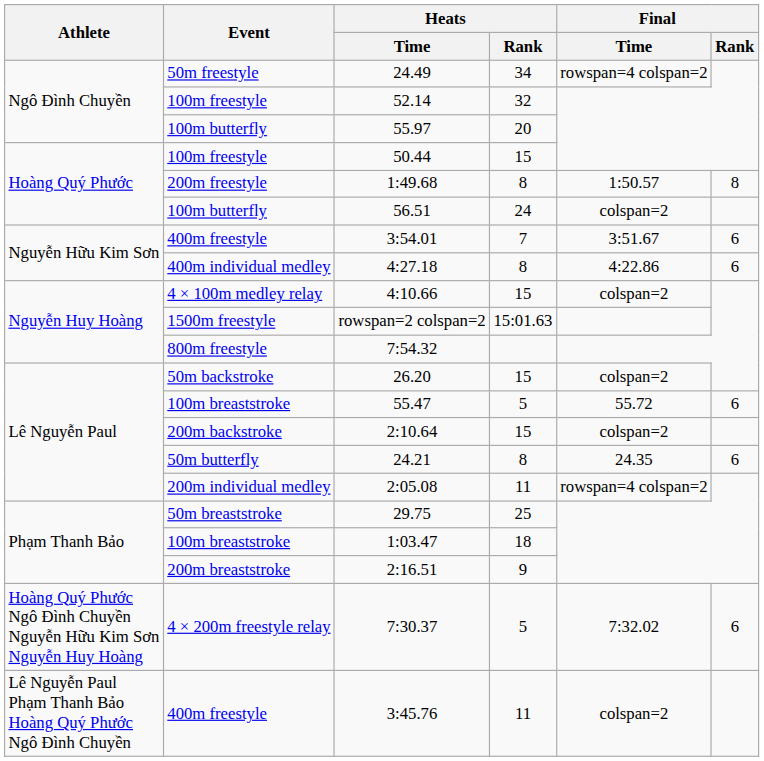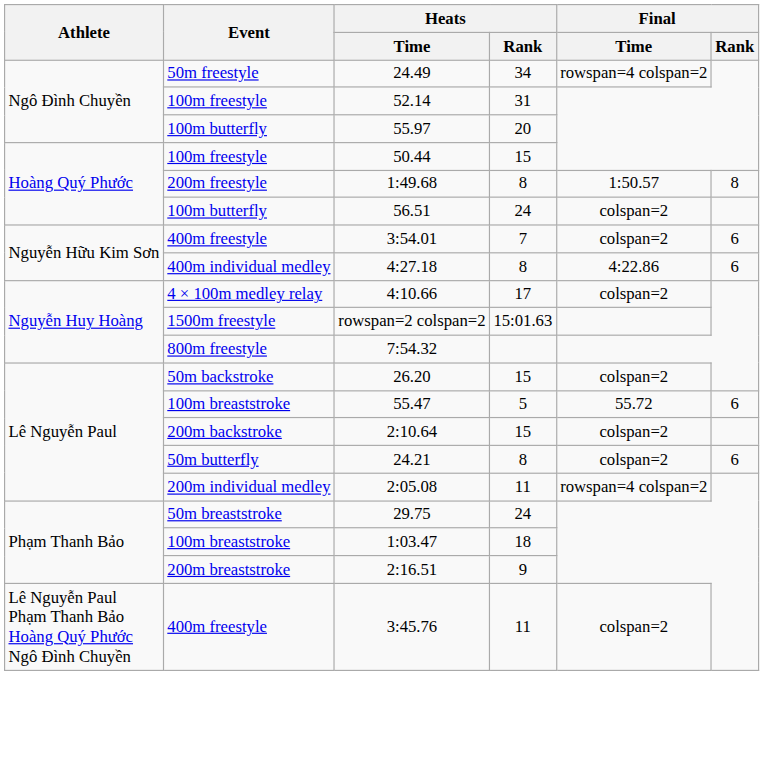 <table class=wikitable style=font-size:90%;text-align:center>
 <tr>
 <th rowspan=2>Athlete</th>
 <th rowspan=2>Event</th>
 <th colspan=2>Heats</th>
 <th colspan=2>Final</th>
 </tr>
 <tr>
 <th>Time</th>
 <th>Rank</th>
 <th>Time</th>
 <th>Rank</th>
 </tr>
 <tr>
 <td align=left rowspan=3>Ngô Đình Chuyền</td>
 <td align=left><a href='#'>50m freestyle</a></td>
 <td>24.49</td>
 <td>34</td>
 <td>rowspan=4 colspan=2</td>
 </tr>
 <tr>
 <td align=left><a href='#'>100m freestyle</a></td>
 <td>52.14</td>
-<td>32</td>
+<td>31</td>
 </tr>
 <tr>
 <td align=left><a href='#'>100m butterfly</a></td>
 <td>55.97</td>
 <td>20</td>
 </tr>
 <tr>
 <td rowspan=3 align=left><a href='#'>Hoàng Quý Phước</a></td>
 <td align=left><a href='#'>100m freestyle</a></td>
 <td>50.44</td>
 <td>15</td>
 </tr>
 <tr>
 <td align=left><a href='#'>200m freestyle</a></td>
 <td>1:49.68 </td>
 <td>8</td>
 <td>1:50.57</td>
 <td>8</td>
 </tr>
 <tr>
 <td align=left><a href='#'>100m butterfly</a></td>
 <td>56.51</td>
 <td>24</td>
 <td>colspan=2</td>
 </tr>
 <tr>
 <td rowspan=2 align=left>Nguyễn Hữu Kim Sơn</td>
 <td align=left><a href='#'>400m freestyle</a></td>
 <td>3:54.01 </td>
 <td>7</td>
-<td>3:51.67</td>
+<td>colspan=2</td>
 <td>6</td>
 </tr>
 <tr>
 <td align=left><a href='#'>400m individual medley</a></td>
 <td>4:27.18 </td>
 <td>8</td>
 <td>4:22.86</td>
 <td>6</td>
 </tr>
 <tr>
 <td rowspan=3 align=left><a href='#'>Nguyễn Huy Hoàng</a></td>
 <td align=left><a href='#'>4 × 100m medley relay</a></td>
 <td>4:10.66</td>
-<td>15</td>
+<td>17</td>
 <td>colspan=2</td>
 </tr>
 <tr>
 <td align=left><a href='#'>1500m freestyle</a></td>
 <td>rowspan=2 colspan=2</td>
 <td>15:01.63</td>
 <td></td>
 </tr>
 <tr>
 <td align=left><a href='#'>800m freestyle</a></td>
 <td>7:54.32</td>
 <td></td>
 </tr>
 <tr>
 <td rowspan=5 align=left>Lê Nguyễn Paul</td>
 <td align=left><a href='#'>50m backstroke</a></td>
 <td>26.20</td>
 <td>15</td>
 <td>colspan=2</td>
 </tr>
 <tr>
 <td align=left><a href='#'>100m breaststroke</a></td>
 <td>55.47 </td>
 <td>5</td>
 <td>55.72</td>
 <td>6</td>
 </tr>
 <tr>
 <td align=left><a href='#'>200m backstroke</a></td>
 <td>2:10.64</td>
 <td>15</td>
 <td>colspan=2</td>
 </tr>
 <tr>
 <td align=left><a href='#'>50m butterfly</a></td>
 <td>24.21 </td>
 <td>8</td>
-<td>24.35</td>
+<td>colspan=2</td>
 <td>6</td>
 </tr>
 <tr>
 <td align=left><a href='#'>200m individual medley</a></td>
 <td>2:05.08</td>
 <td>11</td>
 <td>rowspan=4 colspan=2</td>
 </tr>
 <tr>
 <td rowspan=3 align=left>Phạm Thanh Bảo</td>
 <td align=left><a href='#'>50m breaststroke</a></td>
 <td>29.75</td>
-<td>25</td>
+<td>24</td>
 </tr>
 <tr>
 <td align=left><a href='#'>100m breaststroke</a></td>
 <td>1:03.47</td>
 <td>18</td>
 </tr>
 <tr>
 <td align=left><a href='#'>200m breaststroke</a></td>
 <td>2:16.51</td>
 <td>9</td>
 </tr>
 <tr>
-<td align=left><a href='#'>Hoàng Quý Phước</a><br>Ngô Đình Chuyền<br>Nguyễn Hữu Kim Sơn<br><a href='#'>Nguyễn Huy Hoàng</a></td>
-<td align=left><a href='#'>4 × 200m freestyle relay</a></td>
-<td>7:30.37 </td>
-<td>5</td>
-<td>7:32.02</td>
-<td>6</td>
-</tr>
-<tr>
 <td align=left>Lê Nguyễn Paul<br>Phạm Thanh Bảo<br><a href='#'>Hoàng Quý Phước</a><br>Ngô Đình Chuyền</td>
 <td align=left><a href='#'>400m freestyle</a></td>
 <td>3:45.76</td>
 <td>11</td>
 <td>colspan=2</td>
 </tr>
 </table>
